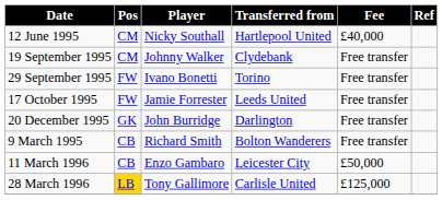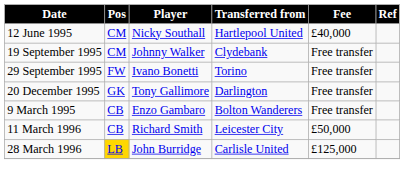 <table class="wikitable plainrowheaders sortable">
 <tr>
 <th style="background:#000000; color:#FFFFFF; ">Date</th>
 <th style="background:#000000; color:#FFFFff; ">Pos</th>
 <th style="background:#000000; color:#FFFFff; ">Player</th>
 <th style="background:#000000; color:#FFFFff; ">Transferred from</th>
 <th style="background:#000000; color:#FFFFff; ">Fee</th>
 <th style="background:#000000; color:#FFFFff; ">Ref</th>
 </tr>
 <tr>
 <td>12 June 1995</td>
 <td><a href='#'>CM</a></td>
 <td> <a href='#'>Nicky Southall</a></td>
 <td> <a href='#'>Hartlepool United</a></td>
 <td>£40,000</td>
 <td></td>
 </tr>
 <tr>
 <td>19 September 1995</td>
 <td><a href='#'>CM</a></td>
 <td> <a href='#'>Johnny Walker</a></td>
 <td> <a href='#'>Clydebank</a></td>
 <td>Free transfer</td>
 <td></td>
 </tr>
 <tr>
 <td>29 September 1995</td>
 <td><a href='#'>FW</a></td>
 <td> <a href='#'>Ivano Bonetti</a></td>
 <td> <a href='#'>Torino</a></td>
 <td>Free transfer</td>
 <td></td>
 </tr>
 <tr>
-<td>17 October 1995</td>
-<td><a href='#'>FW</a></td>
-<td> <a href='#'>Jamie Forrester</a></td>
-<td> <a href='#'>Leeds United</a></td>
-<td>Free transfer</td>
-<td></td>
-</tr>
-<tr>
 <td>20 December 1995</td>
 <td><a href='#'>GK</a></td>
-<td> <a href='#'>John Burridge</a></td>
+<td> <a href='#'>Tony Gallimore</a></td>
 <td> <a href='#'>Darlington</a></td>
 <td>Free transfer</td>
 <td></td>
 </tr>
 <tr>
 <td>9 March 1995</td>
 <td><a href='#'>CB</a></td>
-<td> <a href='#'>Richard Smith</a></td>
+<td> <a href='#'>Enzo Gambaro</a></td>
 <td> <a href='#'>Bolton Wanderers</a></td>
 <td>Free transfer</td>
 <td></td>
 </tr>
 <tr>
 <td>11 March 1996</td>
 <td><a href='#'>CB</a></td>
-<td> <a href='#'>Enzo Gambaro</a></td>
+<td> <a href='#'>Richard Smith</a></td>
 <td> <a href='#'>Leicester City</a></td>
 <td>£50,000</td>
 <td></td>
 </tr>
 <tr>
 <td>28 March 1996</td>
 <td style="background: gold;"><a href='#'>LB</a></td>
-<td> <a href='#'>Tony Gallimore</a></td>
+<td> <a href='#'>John Burridge</a></td>
 <td> <a href='#'>Carlisle United</a></td>
 <td>£125,000</td>
 <td></td>
 </tr>
 <tr>
 </tr>
 </table>
